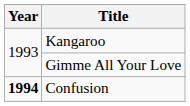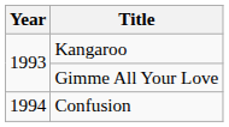 <table class="wikitable">
 <tr>
 <th>Year</th>
 <th>Title</th>
 </tr>
 <tr>
 <td rowspan="2">1993</td>
 <td>Kangaroo</td>
 </tr>
 <tr>
 <td>Gimme All Your Love</td>
 </tr>
 <tr>
-<td><strong>1994</strong></td>
+<td>1994</td>
 <td>Confusion</td>
 </tr>
 </table>
